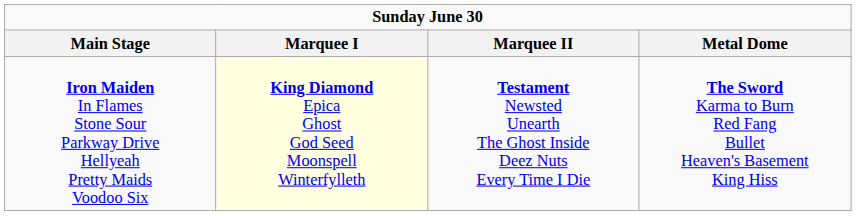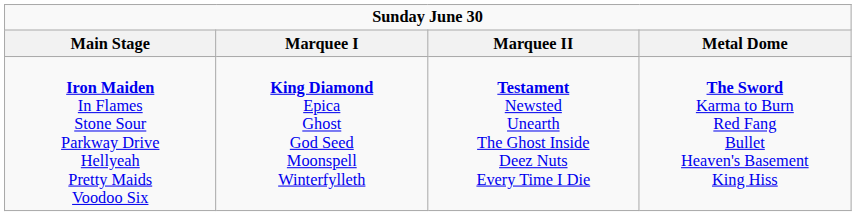 <table class="wikitable">
 <tr>
 <td colspan="4" style="text-align:center;"><strong>Sunday June 30</strong></td>
 </tr>
 <tr>
 <th>Main Stage</th>
 <th>Marquee I</th>
 <th>Marquee II</th>
 <th>Metal Dome</th>
 </tr>
 <tr>
 <td style="text-align:center; vertical-align:top; width:200px;"><br><strong><a href='#'>Iron Maiden</a></strong> <br> <a href='#'>In Flames</a> <br> <a href='#'>Stone Sour</a> <br><a href='#'>Parkway Drive</a> <br> <a href='#'>Hellyeah</a> <br> <a href='#'>Pretty Maids</a> <br><a href='#'>Voodoo Six</a></td>
-<td style="background: lightyellow; text-align:center; vertical-align:top; width:200px;"><br><strong><a href='#'>King Diamond</a></strong> <br> <a href='#'>Epica</a>  <br><a href='#'>Ghost</a> <br> <a href='#'>God Seed</a> <br><a href='#'>Moonspell</a> <br><a href='#'>Winterfylleth</a></td>
+<td style="text-align:center; vertical-align:top; width:200px;"><br><strong><a href='#'>King Diamond</a></strong> <br> <a href='#'>Epica</a>  <br><a href='#'>Ghost</a> <br> <a href='#'>God Seed</a> <br><a href='#'>Moonspell</a> <br><a href='#'>Winterfylleth</a></td>
 <td style="text-align:center; vertical-align:top; width:200px;"><br><strong><a href='#'>Testament</a></strong> <br> <a href='#'>Newsted</a>  <br> <a href='#'>Unearth</a> <br> <a href='#'>The Ghost Inside</a>  <br> <a href='#'>Deez Nuts</a> <br> <a href='#'>Every Time I Die</a></td>
 <td style="text-align:center; vertical-align:top; width:200px;"><br><strong><a href='#'>The Sword</a></strong> <br> <a href='#'>Karma to Burn</a> <br> <a href='#'>Red Fang</a> <br> <a href='#'>Bullet</a> <br> <a href='#'>Heaven's Basement</a> <br> <a href='#'>King Hiss</a></td>
 </tr>
 </table>
